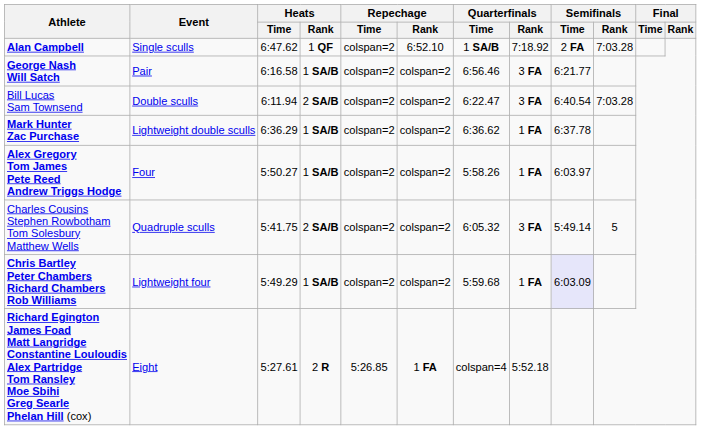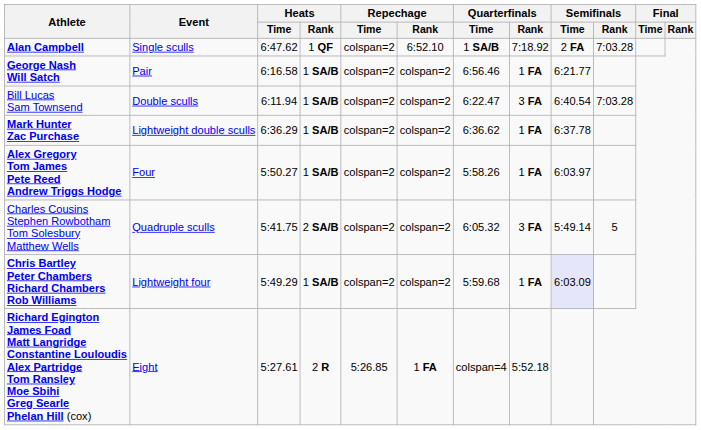 <table class="wikitable" style="text-align:center; font-size:90%">
 <tr>
 <th rowspan="2">Athlete</th>
 <th rowspan="2">Event</th>
 <th colspan="2">Heats</th>
 <th colspan="2">Repechage</th>
 <th colspan="2">Quarterfinals</th>
 <th colspan="2">Semifinals</th>
 <th colspan="2">Final</th>
 </tr>
 <tr style="font-size:95%">
 <th>Time</th>
 <th>Rank</th>
 <th>Time</th>
 <th>Rank</th>
 <th>Time</th>
 <th>Rank</th>
 <th>Time</th>
 <th>Rank</th>
 <th>Time</th>
 <th>Rank</th>
 </tr>
 <tr>
 <td style="text-align:left;"><strong><a href='#'>Alan Campbell</a></strong></td>
 <td style="text-align:left;"><a href='#'>Single sculls</a></td>
 <td>6:47.62</td>
 <td>1 <strong>QF</strong></td>
 <td>colspan=2 </td>
 <td>6:52.10</td>
 <td>1 <strong>SA/B</strong></td>
 <td>7:18.92</td>
 <td>2 <strong>FA</strong></td>
 <td>7:03.28</td>
 <td></td>
 </tr>
 <tr>
 <td style="text-align:left;"><strong><a href='#'>George Nash</a><br><a href='#'>Will Satch</a></strong></td>
 <td style="text-align:left;"><a href='#'>Pair</a></td>
 <td>6:16.58</td>
 <td>1 <strong>SA/B</strong></td>
 <td>colspan=2 </td>
 <td>colspan=2 </td>
 <td>6:56.46</td>
-<td>3 <strong>FA</strong></td>
+<td>1 <strong>FA</strong></td>
 <td>6:21.77</td>
 <td></td>
 </tr>
 <tr>
 <td style="text-align:left;"><a href='#'>Bill Lucas</a><br><a href='#'>Sam Townsend</a></td>
 <td style="text-align:left;"><a href='#'>Double sculls</a></td>
 <td>6:11.94</td>
-<td>2 <strong>SA/B</strong></td>
+<td>1 <strong>SA/B</strong></td>
 <td>colspan=2 </td>
 <td>colspan=2 </td>
 <td>6:22.47</td>
 <td>3 <strong>FA</strong></td>
 <td>6:40.54</td>
 <td>7:03.28</td>
 </tr>
 <tr>
 <td style="text-align:left;"><strong><a href='#'>Mark Hunter</a><br><a href='#'>Zac Purchase</a></strong></td>
 <td style="text-align:left;"><a href='#'>Lightweight double sculls</a></td>
 <td>6:36.29</td>
 <td>1 <strong>SA/B</strong></td>
 <td>colspan=2 </td>
 <td>colspan=2 </td>
 <td>6:36.62</td>
 <td>1 <strong>FA</strong></td>
 <td>6:37.78</td>
 <td></td>
 </tr>
 <tr>
 <td style="text-align:left;"><strong><a href='#'>Alex Gregory</a><br><a href='#'>Tom James</a><br><a href='#'>Pete Reed</a><br><a href='#'>Andrew Triggs Hodge</a></strong></td>
 <td style="text-align:left;"><a href='#'>Four</a></td>
 <td>5:50.27</td>
 <td>1 <strong>SA/B</strong></td>
 <td>colspan=2 </td>
 <td>colspan=2 </td>
 <td>5:58.26</td>
 <td>1 <strong>FA</strong></td>
 <td>6:03.97</td>
 <td></td>
 </tr>
 <tr>
 <td style="text-align:left;"><a href='#'>Charles Cousins</a><br><a href='#'>Stephen Rowbotham</a><br><a href='#'>Tom Solesbury</a><br><a href='#'>Matthew Wells</a></td>
 <td style="text-align:left;"><a href='#'>Quadruple sculls</a></td>
 <td>5:41.75</td>
 <td>2 <strong>SA/B</strong></td>
 <td>colspan=2 </td>
 <td>colspan=2 </td>
 <td>6:05.32</td>
 <td>3 <strong>FA</strong></td>
 <td>5:49.14</td>
 <td>5</td>
 </tr>
 <tr>
 <td style="text-align:left;"><strong><a href='#'>Chris Bartley</a><br><a href='#'>Peter Chambers</a><br><a href='#'>Richard Chambers</a><br><a href='#'>Rob Williams</a></strong></td>
 <td style="text-align:left;"><a href='#'>Lightweight four</a></td>
 <td>5:49.29</td>
 <td>1 <strong>SA/B</strong></td>
 <td>colspan=2 </td>
 <td>colspan=2 </td>
 <td>5:59.68</td>
 <td>1 <strong>FA</strong></td>
 <td style="background: lavender;">6:03.09</td>
 <td></td>
 </tr>
 <tr>
 <td style="text-align:left;"><strong><a href='#'>Richard Egington</a><br><a href='#'>James Foad</a><br><a href='#'>Matt Langridge</a><br><a href='#'>Constantine Louloudis</a><br><a href='#'>Alex Partridge</a><br><a href='#'>Tom Ransley</a><br><a href='#'>Moe Sbihi</a><br><a href='#'>Greg Searle</a><br><a href='#'>Phelan Hill</a></strong> (cox)</td>
 <td style="text-align:left;"><a href='#'>Eight</a></td>
 <td>5:27.61</td>
 <td>2 <strong>R</strong></td>
 <td>5:26.85</td>
 <td>1 <strong>FA</strong></td>
 <td>colspan=4 </td>
 <td>5:52.18</td>
 <td></td>
 </tr>
 </table>
